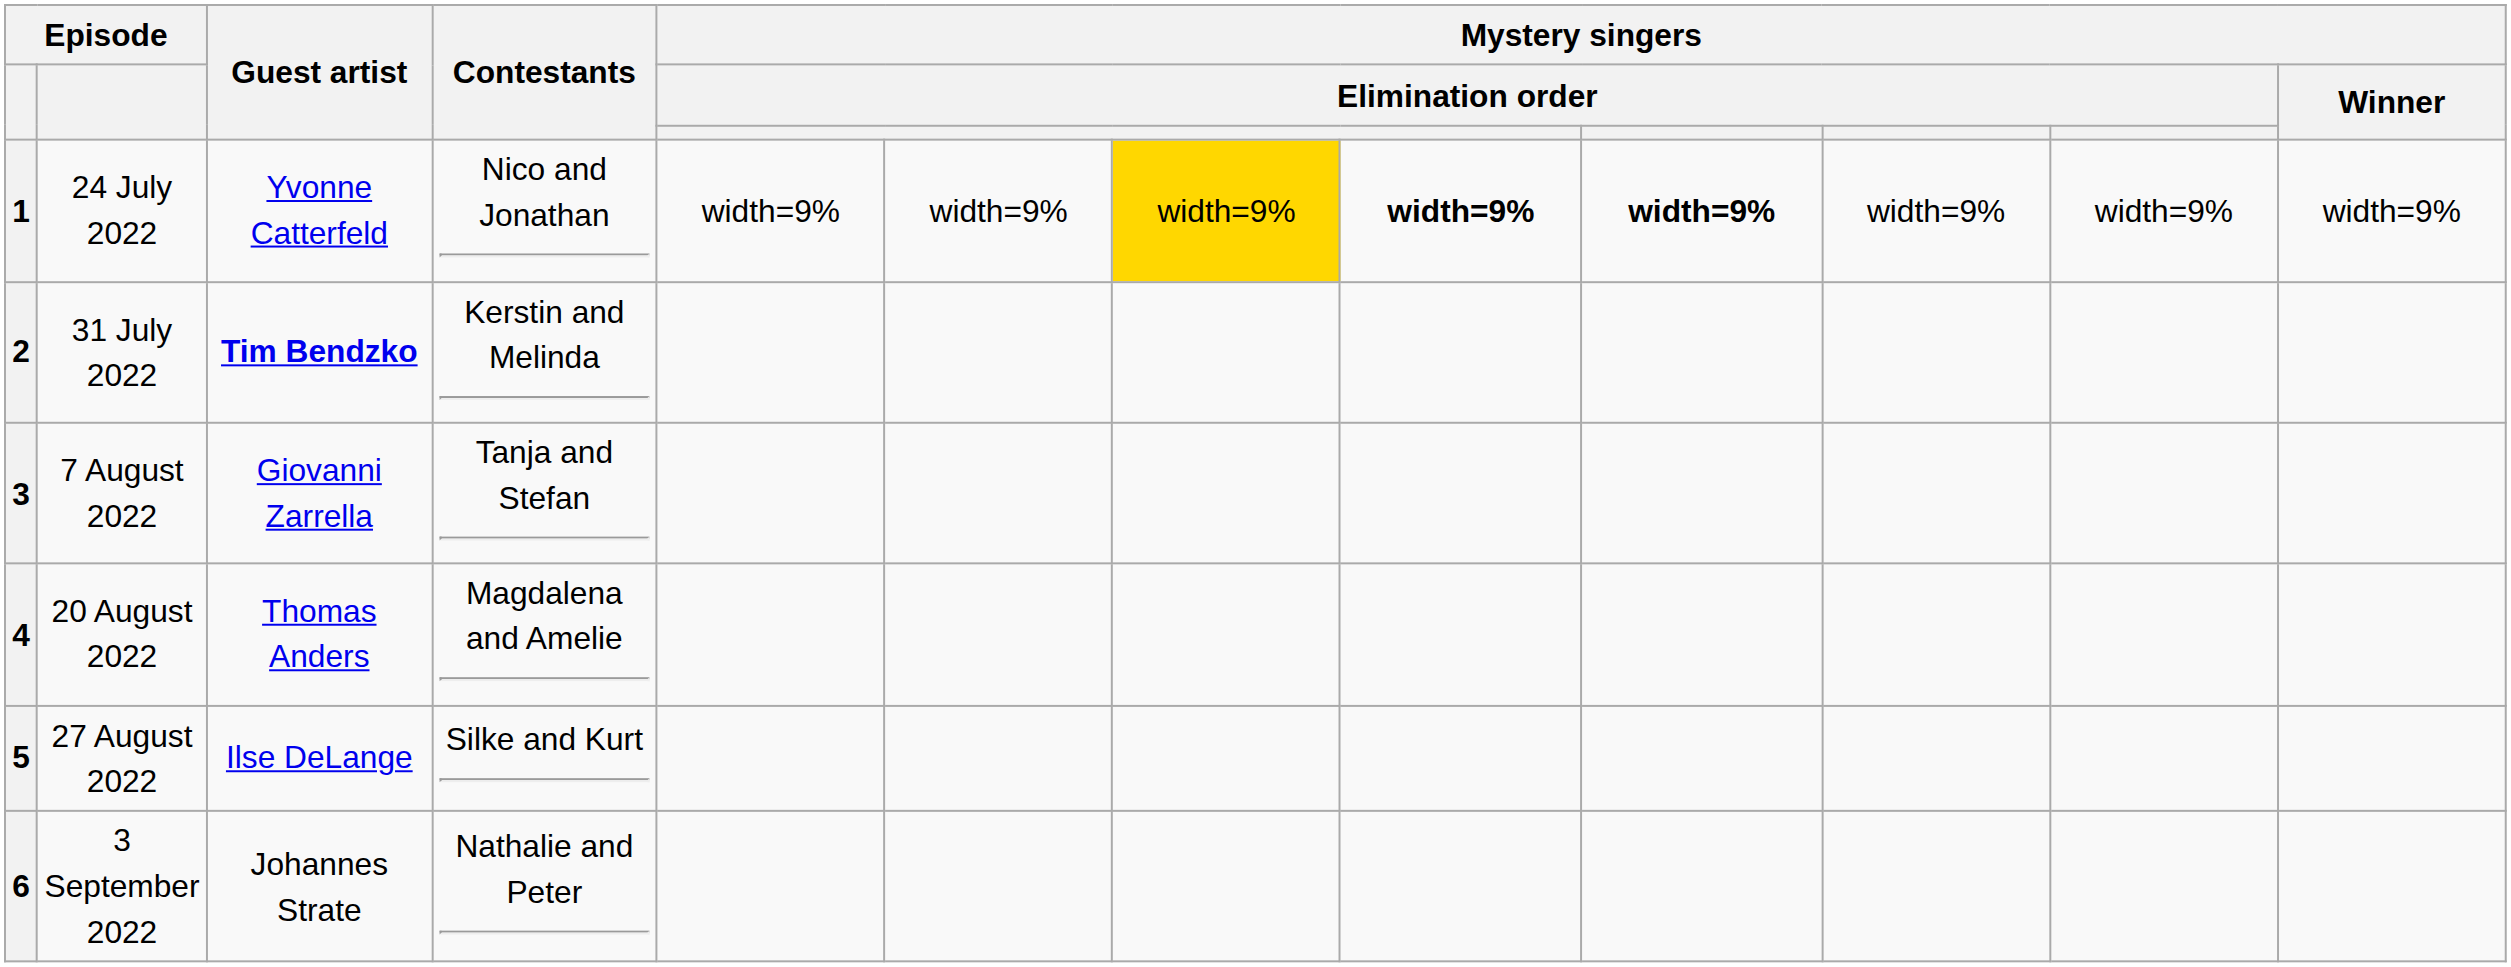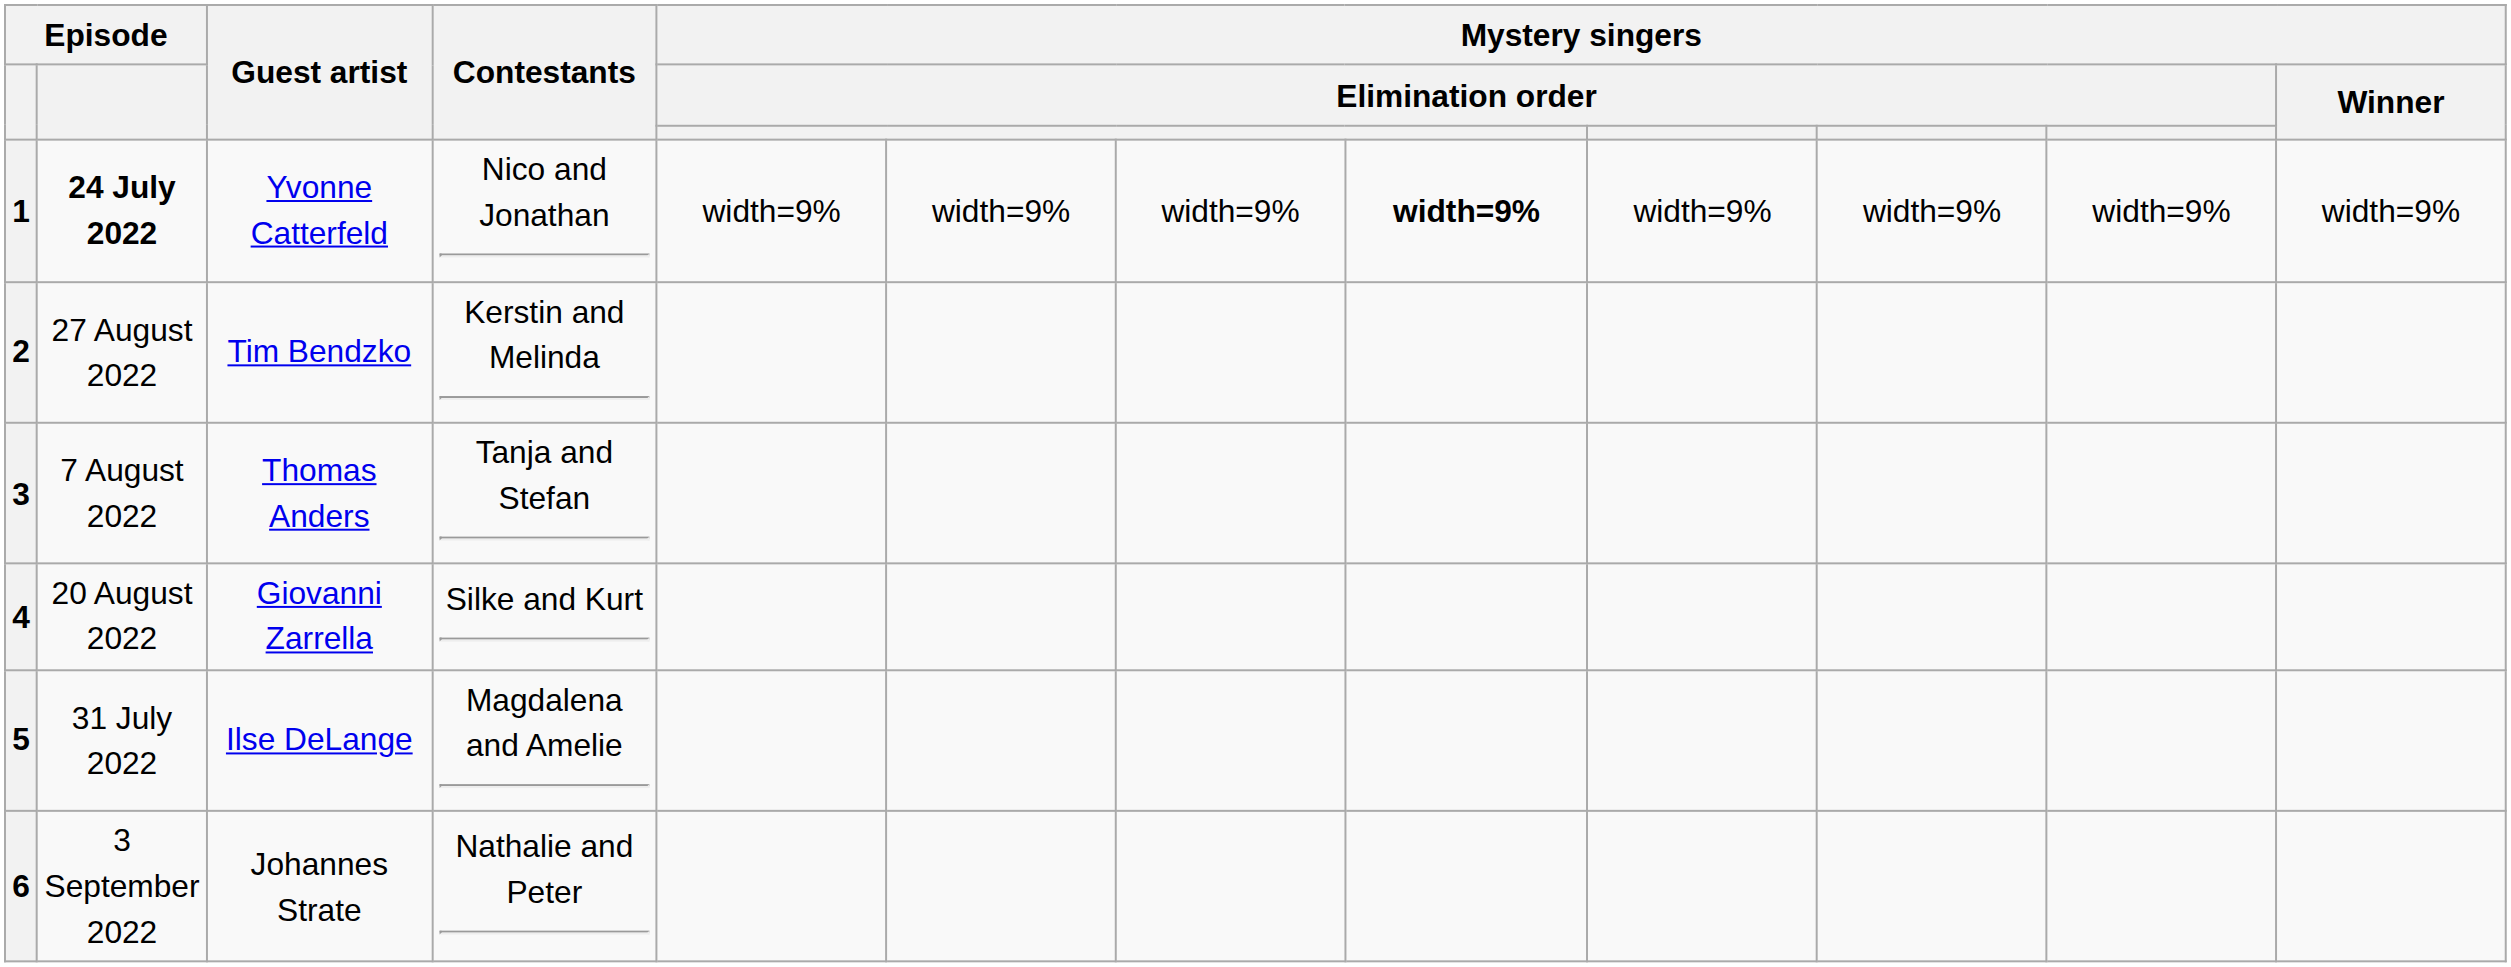 <table class="wikitable plainrowheaders mw-collapsible" style="text-align:center; line-height:23px; width:100%;">
 <tr>
 <th colspan="2" width="1%">Episode</th>
 <th rowspan="3" width="9%">Guest artist</th>
 <th rowspan="3" width="9%">Contestants</th>
 <th colspan="8">Mystery singers<br></th>
 </tr>
 <tr>
 <th rowspan="2"></th>
 <th rowspan="2"></th>
 <th colspan="7">Elimination order</th>
 <th rowspan="2">Winner</th>
 </tr>
 <tr>
 <th colspan="4"></th>
 <th></th>
 <th></th>
 <th></th>
 </tr>
 <tr>
 <th>1</th>
-<td>24 July 2022</td>
+<td><strong>24 July 2022</strong></td>
 <td><a href='#'>Yvonne Catterfeld</a><br></td>
 <td>Nico and Jonathan<hr></td>
 <td>width=9% </td>
 <td>width=9% </td>
-<td style="background: gold;">width=9% </td>
+<td>width=9% </td>
 <td><strong>width=9% </strong></td>
-<td><strong>width=9% </strong></td>
+<td>width=9% </td>
 <td>width=9% </td>
 <td>width=9% </td>
 <td>width=9% </td>
 </tr>
 <tr>
 <th>2</th>
-<td>31 July 2022</td>
-<td><strong><a href='#'>Tim Bendzko</a><br></strong></td>
+<td>27 August 2022</td>
+<td><a href='#'>Tim Bendzko</a><br></td>
 <td>Kerstin and Melinda<hr></td>
 <td></td>
 <td></td>
 <td></td>
 <td></td>
 <td></td>
 <td></td>
 <td></td>
 <td></td>
 </tr>
 <tr>
 <th>3</th>
 <td>7 August 2022</td>
-<td><a href='#'>Giovanni Zarrella</a><br></td>
+<td><a href='#'>Thomas Anders</a><br></td>
 <td>Tanja and Stefan<hr></td>
 <td></td>
 <td></td>
 <td></td>
 <td></td>
 <td></td>
 <td></td>
 <td></td>
 <td></td>
 </tr>
 <tr>
 <th>4</th>
 <td>20 August 2022</td>
-<td><a href='#'>Thomas Anders</a><br></td>
-<td>Magdalena and Amelie<hr></td>
+<td><a href='#'>Giovanni Zarrella</a><br></td>
+<td>Silke and Kurt<hr></td>
 <td></td>
 <td></td>
 <td></td>
 <td></td>
 <td></td>
 <td></td>
 <td></td>
 <td></td>
 </tr>
 <tr>
 <th>5</th>
-<td>27 August 2022</td>
+<td>31 July 2022</td>
 <td><a href='#'>Ilse DeLange</a><br></td>
-<td>Silke and Kurt<hr></td>
+<td>Magdalena and Amelie<hr></td>
 <td></td>
 <td></td>
 <td></td>
 <td></td>
 <td></td>
 <td></td>
 <td></td>
 <td></td>
 </tr>
 <tr>
 <th>6</th>
 <td>3 September 2022</td>
 <td>Johannes Strate<br></td>
 <td>Nathalie and Peter<hr></td>
 <td></td>
 <td></td>
 <td></td>
 <td></td>
 <td></td>
 <td></td>
 <td></td>
 <td></td>
 </tr>
 </table>
